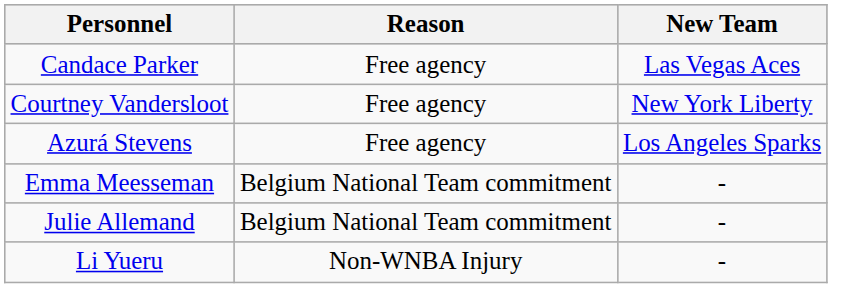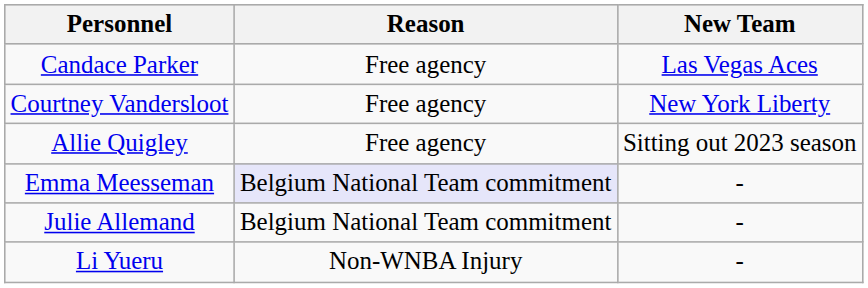 <table class="wikitable" style="text-align: center">
 <tr align="center"  bgcolor="#dddddd">
 <th><strong>Personnel</strong></th>
 <th><strong>Reason</strong></th>
 <th><strong>New Team</strong></th>
 </tr>
 <tr>
 <td><a href='#'>Candace Parker</a></td>
 <td>Free agency</td>
 <td><a href='#'>Las Vegas Aces</a></td>
 </tr>
 <tr>
 <td><a href='#'>Courtney Vandersloot</a></td>
 <td>Free agency</td>
 <td><a href='#'>New York Liberty</a></td>
 </tr>
 <tr>
-<td><a href='#'>Azurá Stevens</a></td>
+<td><a href='#'>Allie Quigley</a></td>
 <td>Free agency</td>
-<td><a href='#'>Los Angeles Sparks</a></td>
+<td>Sitting out 2023 season</td>
 </tr>
 <tr>
 <td><a href='#'>Emma Meesseman</a></td>
-<td>Belgium National Team commitment</td>
+<td style="background: lavender;">Belgium National Team commitment</td>
 <td>-</td>
 </tr>
 <tr>
 <td><a href='#'>Julie Allemand</a></td>
 <td>Belgium National Team commitment</td>
 <td>-</td>
 </tr>
 <tr>
 <td><a href='#'>Li Yueru</a></td>
 <td>Non-WNBA Injury</td>
 <td>-</td>
 </tr>
 </table>
